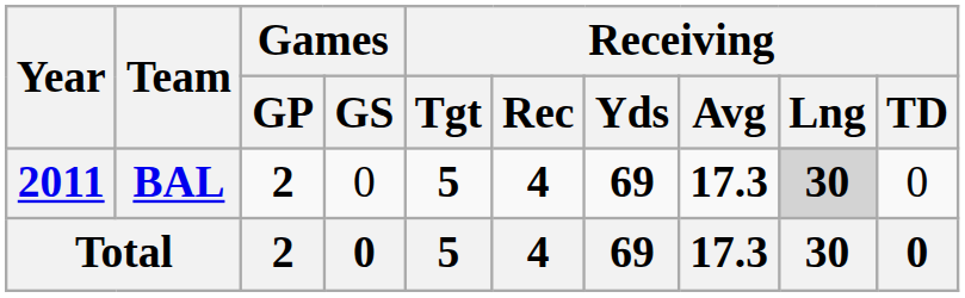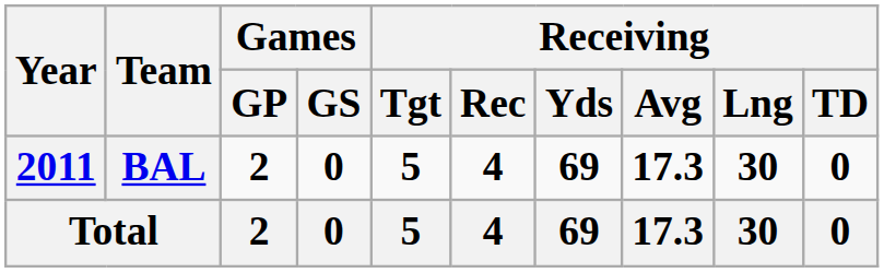 <table class="wikitable" style="text-align:center">
 <tr>
 <th rowspan="2">Year</th>
 <th rowspan="2">Team</th>
 <th colspan="2">Games</th>
 <th colspan="6">Receiving</th>
 </tr>
 <tr>
 <th>GP</th>
 <th>GS</th>
 <th>Tgt</th>
 <th>Rec</th>
 <th>Yds</th>
 <th>Avg</th>
 <th>Lng</th>
 <th>TD</th>
 </tr>
 <tr>
 <th><a href='#'>2011</a></th>
 <th><a href='#'>BAL</a></th>
 <td><strong>2</strong></td>
-<td>0</td>
+<td><strong>0</strong></td>
 <td><strong>5</strong></td>
 <td><strong>4</strong></td>
 <td><strong>69</strong></td>
 <td><strong>17.3</strong></td>
-<td style="background: lightgrey;"><strong>30</strong></td>
-<td>0</td>
+<td><strong>30</strong></td>
+<td><strong>0</strong></td>
 </tr>
 <tr>
 <th colspan="2">Total</th>
 <th>2</th>
 <th>0</th>
 <th>5</th>
 <th>4</th>
 <th>69</th>
 <th>17.3</th>
 <th>30</th>
 <th>0</th>
 </tr>
 </table>
